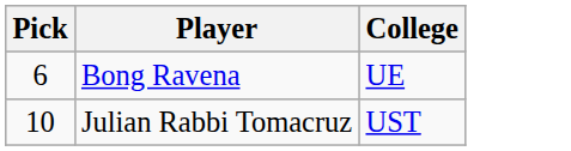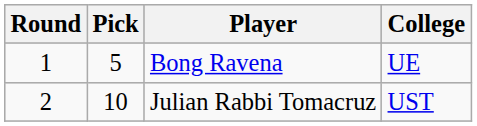 <table class="wikitable sortable sortable">
 <tr>
+<th>Round</th>
 <th>Pick</th>
 <th>Player</th>
 <th>College</th>
 </tr>
 <tr>
-<td align="center">6</td>
+<td align="center">1</td>
+<td align="center">5</td>
 <td><a href='#'>Bong Ravena</a></td>
 <td><a href='#'>UE</a></td>
 </tr>
 <tr>
+<td align="center">2</td>
 <td align="center">10</td>
 <td>Julian Rabbi Tomacruz</td>
 <td><a href='#'>UST</a></td>
 </tr>
 </table>
